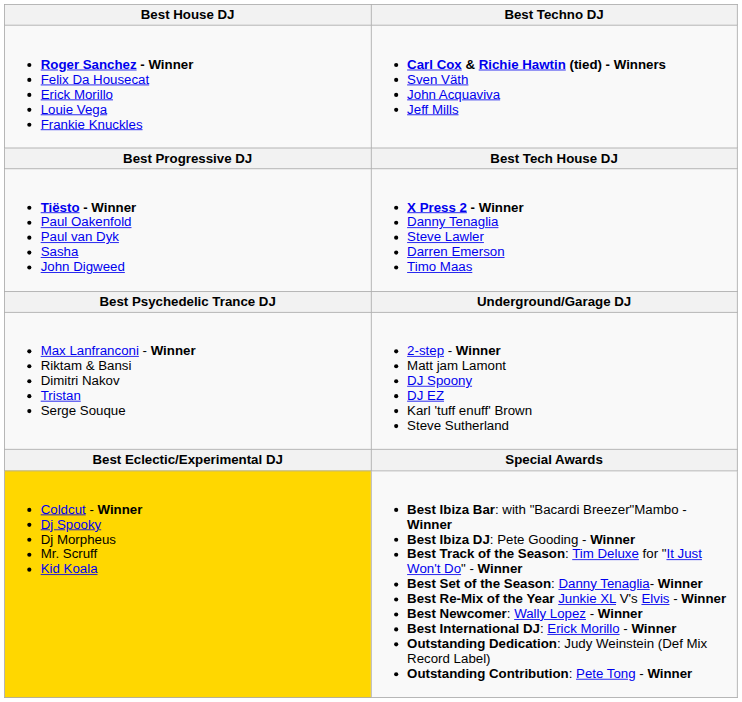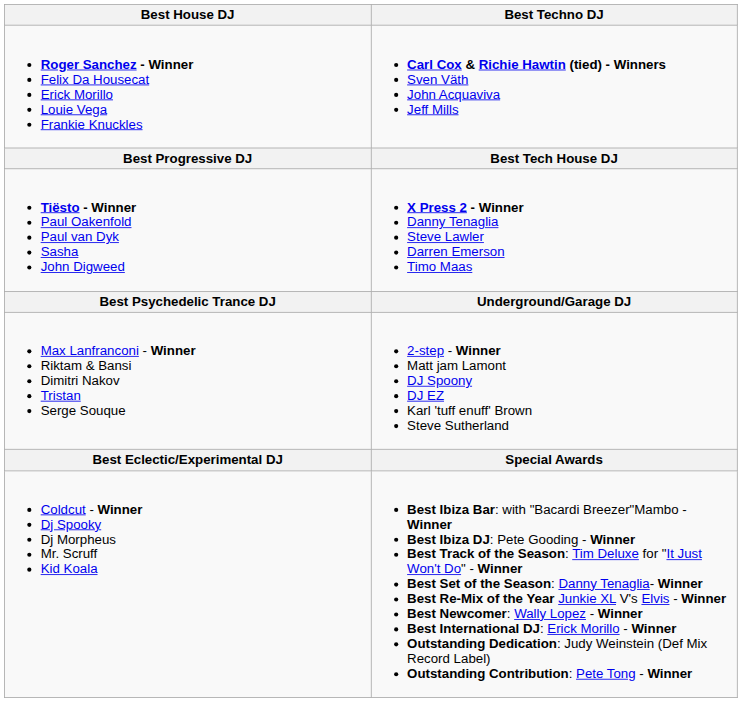 <table class=wikitable width="100%">
 <tr>
 <th width="50%"><strong>Best House DJ</strong></th>
 <th width="50%"><strong>Best Techno DJ</strong></th>
 </tr>
 <tr>
 <td valign="top"><br><ul><li><strong> <a href='#'>Roger Sanchez</a> - Winner</strong></li><li><a href='#'>Felix Da Housecat</a></li><li><a href='#'>Erick Morillo</a></li><li><a href='#'>Louie Vega</a></li><li><a href='#'>Frankie Knuckles</a></li></ul></td>
 <td valign="top"><br><ul><li><strong> <a href='#'>Carl Cox</a> &  <a href='#'>Richie Hawtin</a> (tied) - Winners</strong></li><li><a href='#'>Sven Väth</a></li><li><a href='#'>John Acquaviva</a></li><li><a href='#'>Jeff Mills</a></li></ul></td>
 </tr>
 <tr>
 <th width="50%"><strong>Best Progressive DJ</strong></th>
 <th width="50%"><strong>Best Tech House DJ</strong></th>
 </tr>
 <tr>
 <td valign="top"><br><ul><li><strong> <a href='#'>Tiësto</a> - Winner</strong></li><li><a href='#'>Paul Oakenfold</a></li><li><a href='#'>Paul van Dyk</a></li><li><a href='#'>Sasha</a></li><li><a href='#'>John Digweed</a></li></ul></td>
 <td valign="top"><br><ul><li><strong> <a href='#'>X Press 2</a> - Winner</strong></li><li><a href='#'>Danny Tenaglia</a></li><li><a href='#'>Steve Lawler</a></li><li><a href='#'>Darren Emerson</a></li><li><a href='#'>Timo Maas</a></li></ul></td>
 </tr>
 <tr>
 <th width="50%"><strong>Best Psychedelic Trance DJ</strong></th>
 <th width="50%"><strong>Underground/Garage DJ</strong></th>
 </tr>
 <tr>
 <td valign="top"><br><ul><li> <a href='#'>Max Lanfranconi</a> - <strong>Winner</strong></li><li>Riktam & Bansi</li><li>Dimitri Nakov</li><li><a href='#'>Tristan</a></li><li>Serge Souque</li></ul></td>
 <td valign="top"><br><ul><li> <a href='#'>2-step</a> - <strong>Winner</strong></li><li>Matt jam Lamont</li><li><a href='#'>DJ Spoony</a></li><li><a href='#'>DJ EZ</a></li><li>Karl 'tuff enuff' Brown</li><li>Steve Sutherland</li></ul></td>
 </tr>
 <tr>
 <th width="50%"><strong>Best Eclectic/Experimental DJ</strong></th>
 <th width="50%"><strong>Special Awards</strong></th>
 </tr>
 <tr>
-<td valign="top" style="background: gold;"><br><ul><li> <a href='#'>Coldcut</a> - <strong>Winner</strong></li><li><a href='#'>Dj Spooky</a></li><li>Dj Morpheus</li><li>Mr. Scruff</li><li><a href='#'>Kid Koala</a></li></ul></td>
+<td valign="top"><br><ul><li> <a href='#'>Coldcut</a> - <strong>Winner</strong></li><li><a href='#'>Dj Spooky</a></li><li>Dj Morpheus</li><li>Mr. Scruff</li><li><a href='#'>Kid Koala</a></li></ul></td>
 <td valign="top"><br><ul><li><strong>Best Ibiza Bar</strong>: with "Bacardi Breezer"Mambo - <strong>Winner</strong></li><li><strong>Best Ibiza DJ</strong>:  Pete Gooding - <strong>Winner</strong></li><li><strong>Best Track of the Season</strong>:  <a href='#'>Tim Deluxe</a> for "<a href='#'>It Just Won't Do</a>" - <strong>Winner</strong></li><li><strong>Best Set of the Season</strong>:  <a href='#'>Danny Tenaglia</a>- <strong>Winner</strong></li><li><strong>Best Re-Mix of the Year</strong> <a href='#'>Junkie XL</a> V's <a href='#'>Elvis</a> - <strong>Winner</strong></li><li><strong>Best Newcomer</strong>:  <a href='#'>Wally Lopez</a> - <strong>Winner</strong></li><li><strong>Best International DJ</strong>:  <a href='#'>Erick Morillo</a> - <strong>Winner</strong></li><li><strong>Outstanding Dedication</strong>:  Judy Weinstein (Def Mix Record Label)</li><li><strong>Outstanding Contribution</strong>:  <a href='#'>Pete Tong</a> - <strong>Winner</strong></li></ul></td>
 </tr>
 </table>
